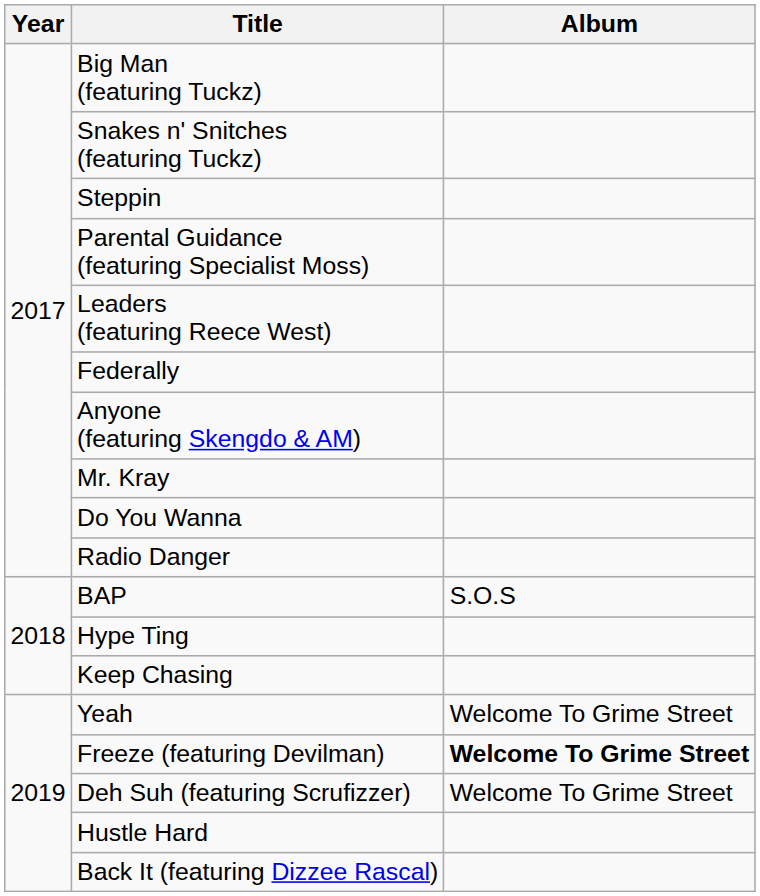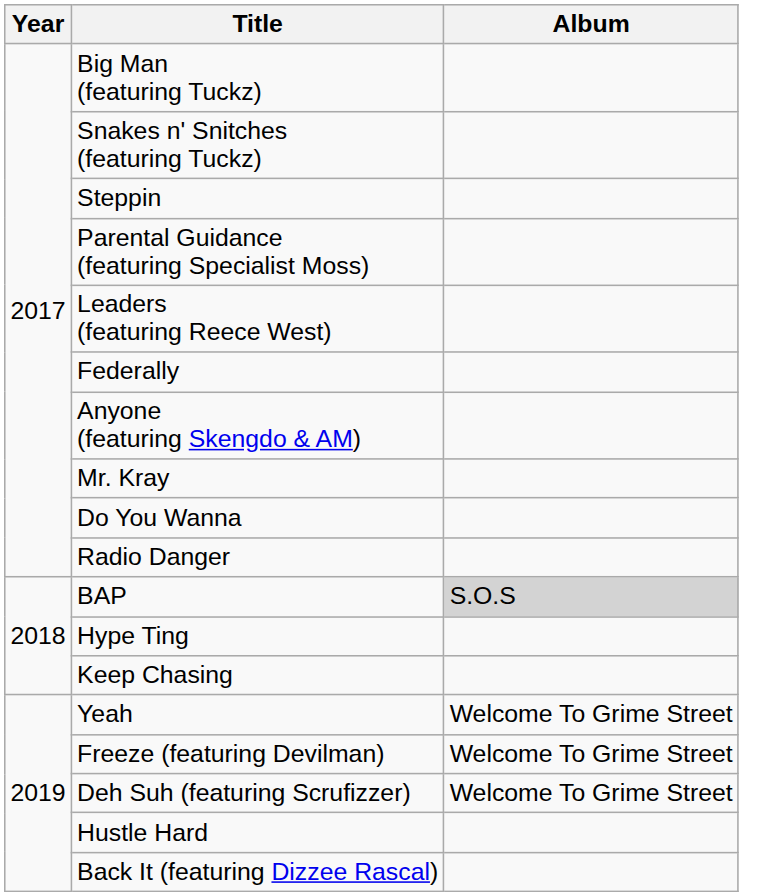 <table class="wikitable">
 <tr>
 <th>Year</th>
 <th>Title</th>
 <th>Album</th>
 </tr>
 <tr>
 <td rowspan="10">2017</td>
 <td>Big Man<br>(featuring Tuckz)</td>
 <td></td>
 </tr>
 <tr>
 <td>Snakes n' Snitches<br>(featuring Tuckz)</td>
 <td></td>
 </tr>
 <tr>
 <td>Steppin</td>
 <td></td>
 </tr>
 <tr>
 <td>Parental Guidance<br>(featuring Specialist Moss)</td>
 <td></td>
 </tr>
 <tr>
 <td>Leaders<br>(featuring Reece West)</td>
 <td></td>
 </tr>
 <tr>
 <td>Federally</td>
 <td></td>
 </tr>
 <tr>
 <td>Anyone<br>(featuring <a href='#'>Skengdo & AM</a>)</td>
 <td></td>
 </tr>
 <tr>
 <td>Mr. Kray</td>
 <td></td>
 </tr>
 <tr>
 <td>Do You Wanna</td>
 <td></td>
 </tr>
 <tr>
 <td>Radio Danger</td>
 <td></td>
 </tr>
 <tr>
 <td rowspan="3">2018</td>
 <td>BAP</td>
-<td>S.O.S</td>
+<td style="background: lightgrey;">S.O.S</td>
 </tr>
 <tr>
 <td>Hype Ting</td>
 <td></td>
 </tr>
 <tr>
 <td>Keep Chasing</td>
 <td></td>
 </tr>
 <tr>
 <td rowspan="5">2019</td>
 <td>Yeah</td>
 <td>Welcome To Grime Street</td>
 </tr>
 <tr>
 <td>Freeze (featuring Devilman)</td>
-<td><strong>Welcome To Grime Street</strong></td>
+<td>Welcome To Grime Street</td>
 </tr>
 <tr>
 <td>Deh Suh (featuring Scrufizzer)</td>
 <td>Welcome To Grime Street</td>
 </tr>
 <tr>
 <td>Hustle Hard</td>
 <td></td>
 </tr>
 <tr>
 <td>Back It (featuring <a href='#'>Dizzee Rascal</a>)</td>
 <td></td>
 </tr>
 </table>
